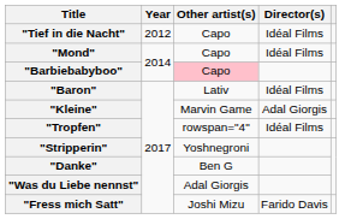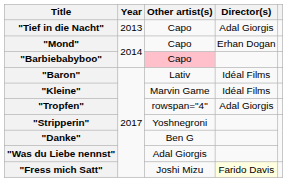 <table class="wikitable plainrowheaders" style="text-align:center;">
 <tr>
 <th scope="col" style="width:11em;">Title</th>
 <th scope="col">Year</th>
 <th scope="col">Other artist(s)</th>
 <th scope="col">Director(s)</th>
 <th scope="col"></th>
 </tr>
 <tr>
 <th scope="row">"Tief in die Nacht"</th>
-<td>2012</td>
+<td>2013</td>
 <td>Capo</td>
-<td>Idéal Films</td>
+<td>Adal Giorgis</td>
 <td></td>
 </tr>
 <tr>
 <th scope="row">"Mond"</th>
 <td rowspan="2">2014</td>
 <td>Capo</td>
-<td>Idéal Films</td>
+<td>Erhan Dogan</td>
 <td></td>
 </tr>
 <tr>
 <th scope="row">"Barbiebabyboo"</th>
 <td style="background: pink;">Capo</td>
 <td></td>
 <td></td>
 </tr>
 <tr>
 <th scope="row">"Baron"</th>
 <td rowspan="7">2017</td>
 <td>Lativ</td>
 <td>Idéal Films</td>
 <td></td>
 </tr>
 <tr>
 <th scope="row">"Kleine"</th>
 <td>Marvin Game</td>
-<td>Adal Giorgis</td>
+<td>Idéal Films</td>
 <td></td>
 </tr>
 <tr>
 <th scope="row">"Tropfen"</th>
 <td>rowspan="4" </td>
-<td>Idéal Films</td>
+<td>Adal Giorgis</td>
 <td></td>
 </tr>
 <tr>
 <th scope="row">"Stripperin"</th>
 <td>Yoshnegroni</td>
 <td></td>
 </tr>
 <tr>
 <th scope="row">"Danke"</th>
 <td>Ben G</td>
 <td></td>
 </tr>
 <tr>
 <th scope="row">"Was du Liebe nennst"</th>
 <td>Adal Giorgis</td>
 <td></td>
 </tr>
 <tr>
 <th scope="row">"Fress mich Satt"</th>
 <td>Joshi Mizu</td>
-<td>Farido Davis</td>
+<td style="background: lightyellow;">Farido Davis</td>
 <td></td>
 </tr>
 </table>
